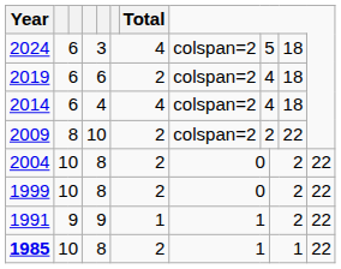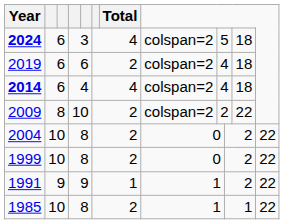 <table class="wikitable" style="text-align:right; padding-left:1em">
 <tr>
 <th align="left">Year</th>
 <th></th>
 <th></th>
 <th></th>
 <th></th>
 <th></th>
 <th align="left">Total</th>
 </tr>
 <tr>
-<td align=left><a href='#'>2024</a></td>
+<td align=left><strong><a href='#'>2024</a></strong></td>
 <td colspan=2>6</td>
 <td colspan=2>3</td>
 <td colspan=2>4</td>
 <td>colspan=2 </td>
 <td colspan=2>5</td>
 <td>18</td>
 </tr>
 <tr>
 <td align=left><a href='#'>2019</a></td>
 <td colspan=2>6</td>
 <td colspan=2>6</td>
 <td colspan=2>2</td>
 <td>colspan=2 </td>
 <td colspan=2>4</td>
 <td>18</td>
 </tr>
 <tr>
-<td align=left><a href='#'>2014</a></td>
+<td align=left><strong><a href='#'>2014</a></strong></td>
 <td colspan=2>6</td>
 <td colspan=2>4</td>
 <td colspan=2>4</td>
 <td>colspan=2 </td>
 <td colspan=2>4</td>
 <td>18</td>
 </tr>
 <tr>
 <td align=left><a href='#'>2009</a></td>
 <td colspan=2>8</td>
 <td colspan=2>10</td>
 <td colspan=2>2</td>
 <td>colspan=2 </td>
 <td colspan=2>2</td>
 <td>22</td>
 </tr>
 <tr>
 <td align=left><a href='#'>2004</a></td>
 <td colspan=2>10</td>
 <td colspan=2>8</td>
 <td colspan=2>2</td>
 <td colspan=2>0</td>
 <td colspan=2>2</td>
 <td>22</td>
 </tr>
 <tr>
 <td align=left><a href='#'>1999</a></td>
 <td colspan=2>10</td>
 <td colspan=2>8</td>
 <td colspan=2>2</td>
 <td colspan=2>0</td>
 <td colspan=2>2</td>
 <td>22</td>
 </tr>
 <tr>
 <td align=left><a href='#'>1991</a></td>
 <td colspan=2>9</td>
 <td colspan=2>9</td>
 <td colspan=2>1</td>
 <td colspan=2>1</td>
 <td colspan=2>2</td>
 <td>22</td>
 </tr>
 <tr>
-<td align=left><strong><a href='#'>1985</a></strong></td>
+<td align=left><a href='#'>1985</a></td>
 <td colspan=2>10</td>
 <td colspan=2>8</td>
 <td colspan=2>2</td>
 <td colspan=2>1</td>
 <td colspan=2>1</td>
 <td>22</td>
 </tr>
 </table>
